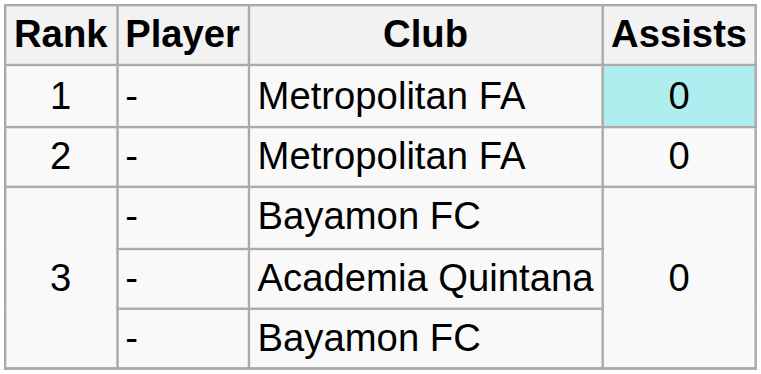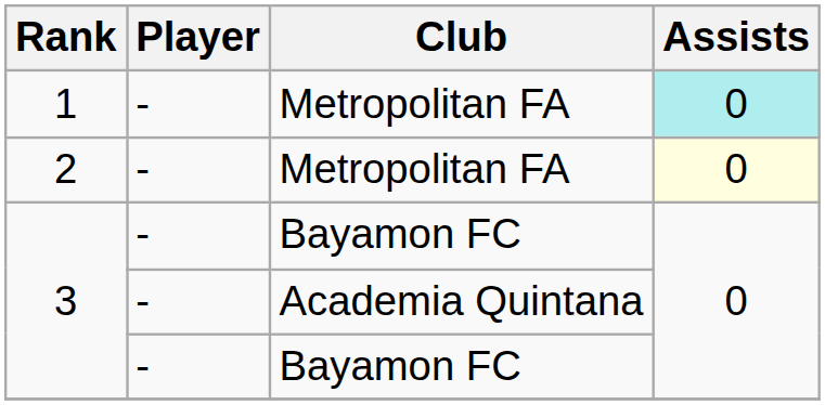 <table class="wikitable">
 <tr>
 <th>Rank</th>
 <th>Player</th>
 <th>Club</th>
 <th>Assists</th>
 </tr>
 <tr>
 <td align=center rowspan=1>1</td>
 <td> -</td>
 <td>Metropolitan FA</td>
 <td align=center rowspan=1 style="background: paleturquoise;">0</td>
 </tr>
 <tr>
 <td align=center rowspan=1>2</td>
 <td> -</td>
 <td>Metropolitan FA</td>
-<td align=center rowspan=1>0</td>
+<td align=center rowspan=1 style="background: lightyellow;">0</td>
 </tr>
 <tr>
 <td align=center rowspan=3>3</td>
 <td> -</td>
 <td>Bayamon FC</td>
 <td align=center rowspan=3>0</td>
 </tr>
 <tr>
 <td> -</td>
 <td>Academia Quintana</td>
 </tr>
 <tr>
 <td> -</td>
 <td>Bayamon FC</td>
 </tr>
 <tr>
 </tr>
 </table>
